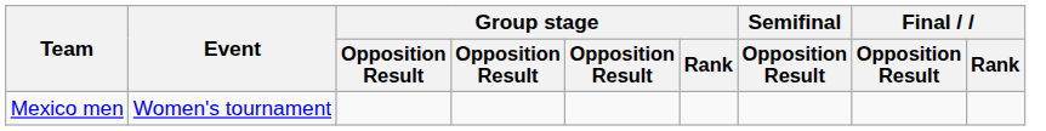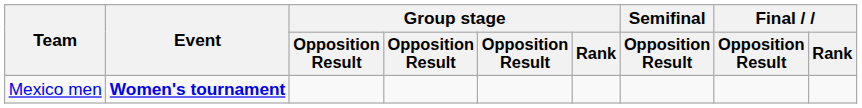 <table class=wikitable style=font-size:90%;text-align:center>
 <tr>
 <th rowspan=2>Team</th>
 <th rowspan=2>Event</th>
 <th colspan=4>Group stage</th>
 <th>Semifinal</th>
 <th colspan=2>Final /  / </th>
 </tr>
 <tr style=font-size:95%>
 <th>Opposition<br>Result</th>
 <th>Opposition<br>Result</th>
 <th>Opposition<br>Result</th>
 <th>Rank</th>
 <th>Opposition<br>Result</th>
 <th>Opposition<br>Result</th>
 <th>Rank</th>
 </tr>
 <tr>
 <td align=left><a href='#'>Mexico men</a></td>
-<td align=left><a href='#'>Women's tournament</a></td>
+<td align=left><strong><a href='#'>Women's tournament</a></strong></td>
 <td></td>
 <td></td>
 <td></td>
 <td></td>
 <td></td>
 <td></td>
 <td></td>
 </tr>
 </table>
